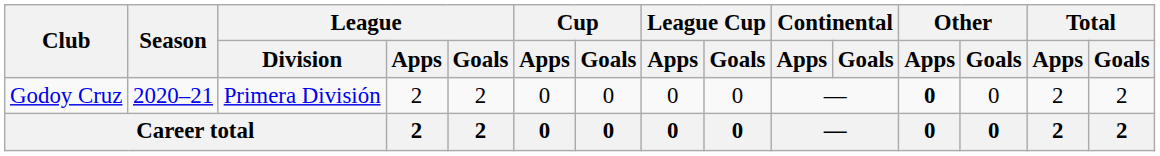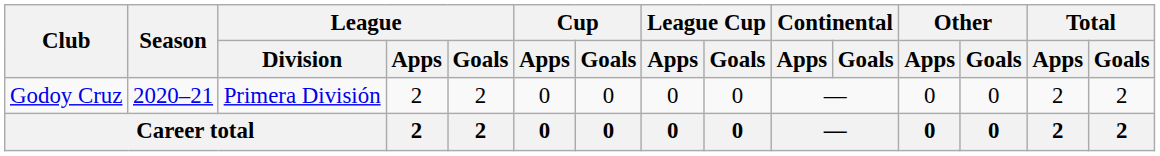 <table class="wikitable" style="text-align:center">
 <tr>
 <th rowspan="2">Club</th>
 <th rowspan="2">Season</th>
 <th colspan="3">League</th>
 <th colspan="2">Cup</th>
 <th colspan="2">League Cup</th>
 <th colspan="2">Continental</th>
 <th colspan="2">Other</th>
 <th colspan="2">Total</th>
 </tr>
 <tr>
 <th>Division</th>
 <th>Apps</th>
 <th>Goals</th>
 <th>Apps</th>
 <th>Goals</th>
 <th>Apps</th>
 <th>Goals</th>
 <th>Apps</th>
 <th>Goals</th>
 <th>Apps</th>
 <th>Goals</th>
 <th>Apps</th>
 <th>Goals</th>
 </tr>
 <tr>
 <td rowspan="1"><a href='#'>Godoy Cruz</a></td>
 <td><a href='#'>2020–21</a></td>
 <td rowspan="1"><a href='#'>Primera División</a></td>
 <td>2</td>
 <td>2</td>
 <td>0</td>
 <td>0</td>
 <td>0</td>
 <td>0</td>
 <td colspan="2">—</td>
-<td><strong>0</strong></td>
+<td>0</td>
 <td>0</td>
 <td>2</td>
 <td>2</td>
 </tr>
 <tr>
 <th colspan="3">Career total</th>
 <th>2</th>
 <th>2</th>
 <th>0</th>
 <th>0</th>
 <th>0</th>
 <th>0</th>
 <th colspan="2">—</th>
 <th>0</th>
 <th>0</th>
 <th>2</th>
 <th>2</th>
 </tr>
 </table>
